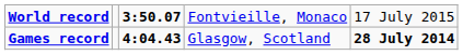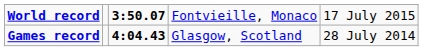 <table class="wikitable">
 <tr>
 <td><a href='#'><strong>World record</strong></a></td>
 <td></td>
 <td><strong>3:50.07</strong></td>
 <td><a href='#'>Fontvieille</a>, <a href='#'>Monaco</a></td>
 <td>17 July 2015</td>
 </tr>
 <tr>
 <td><a href='#'><strong>Games record</strong></a></td>
 <td></td>
 <td><strong>4:04.43</strong></td>
 <td><a href='#'>Glasgow</a>, <a href='#'>Scotland</a></td>
-<td><strong>28 July 2014</strong></td>
+<td>28 July 2014</td>
 </tr>
 </table>
